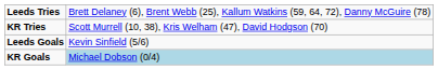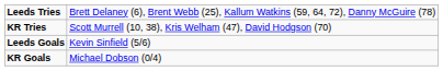 <table class="wikitable" style="font-size:85%;">
 <tr>
 <td><strong>Leeds Tries</strong></td>
 <td><a href='#'>Brett Delaney</a> (6), <a href='#'>Brent Webb</a> (25), <a href='#'>Kallum Watkins</a> (59, 64, 72), <a href='#'>Danny McGuire</a> (78)</td>
 </tr>
 <tr>
 <td><strong>KR Tries</strong></td>
 <td><a href='#'>Scott Murrell</a> (10, 38), <a href='#'>Kris Welham</a> (47), <a href='#'>David Hodgson</a> (70)</td>
 </tr>
 <tr>
 <td><strong>Leeds Goals</strong></td>
 <td><a href='#'>Kevin Sinfield</a> (5/6)</td>
 </tr>
 <tr>
 <td><strong>KR Goals</strong></td>
-<td style="background: lightblue;"><a href='#'>Michael Dobson</a> (0/4)</td>
+<td><a href='#'>Michael Dobson</a> (0/4)</td>
 </tr>
 </table>
